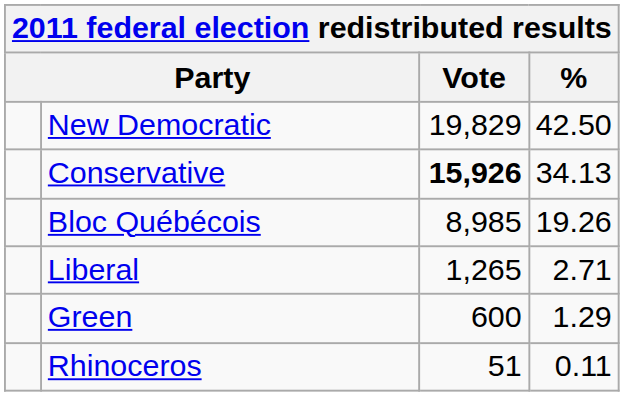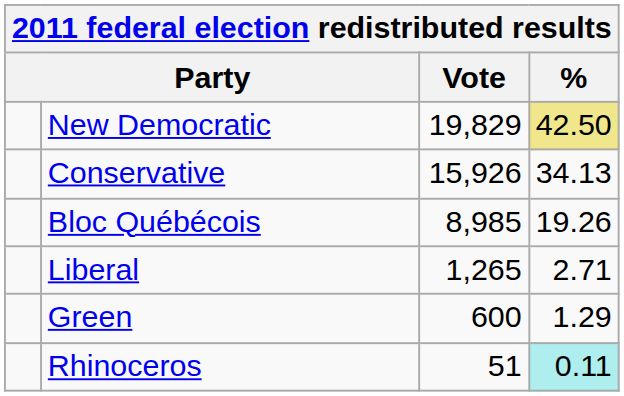 <table class="wikitable">
 <tr>
 <th colspan="4"><a href='#'>2011 federal election</a> redistributed results</th>
 </tr>
 <tr>
 <th bgcolor="#DDDDFF" width="130px" colspan="2">Party</th>
 <th bgcolor="#DDDDFF" width="50px">Vote</th>
 <th bgcolor="#DDDDFF" width="30px">%</th>
 </tr>
 <tr>
 <td> </td>
 <td><a href='#'>New Democratic</a></td>
 <td align=right>19,829</td>
-<td align=right>42.50</td>
+<td align=right style="background: khaki;">42.50</td>
 </tr>
 <tr>
 <td> </td>
 <td><a href='#'>Conservative</a></td>
-<td align=right><strong>15,926</strong></td>
+<td align=right>15,926</td>
 <td align=right>34.13</td>
 </tr>
 <tr>
 <td> </td>
 <td><a href='#'>Bloc Québécois</a></td>
 <td align=right>8,985</td>
 <td align=right>19.26</td>
 </tr>
 <tr>
 <td> </td>
 <td><a href='#'>Liberal</a></td>
 <td align=right>1,265</td>
 <td align=right>2.71</td>
 </tr>
 <tr>
 <td> </td>
 <td><a href='#'>Green</a></td>
 <td align=right>600</td>
 <td align=right>1.29</td>
 </tr>
 <tr>
 <td> </td>
 <td><a href='#'>Rhinoceros</a></td>
 <td align=right>51</td>
-<td align=right>0.11</td>
+<td align=right style="background: paleturquoise;">0.11</td>
 </tr>
 </table>
